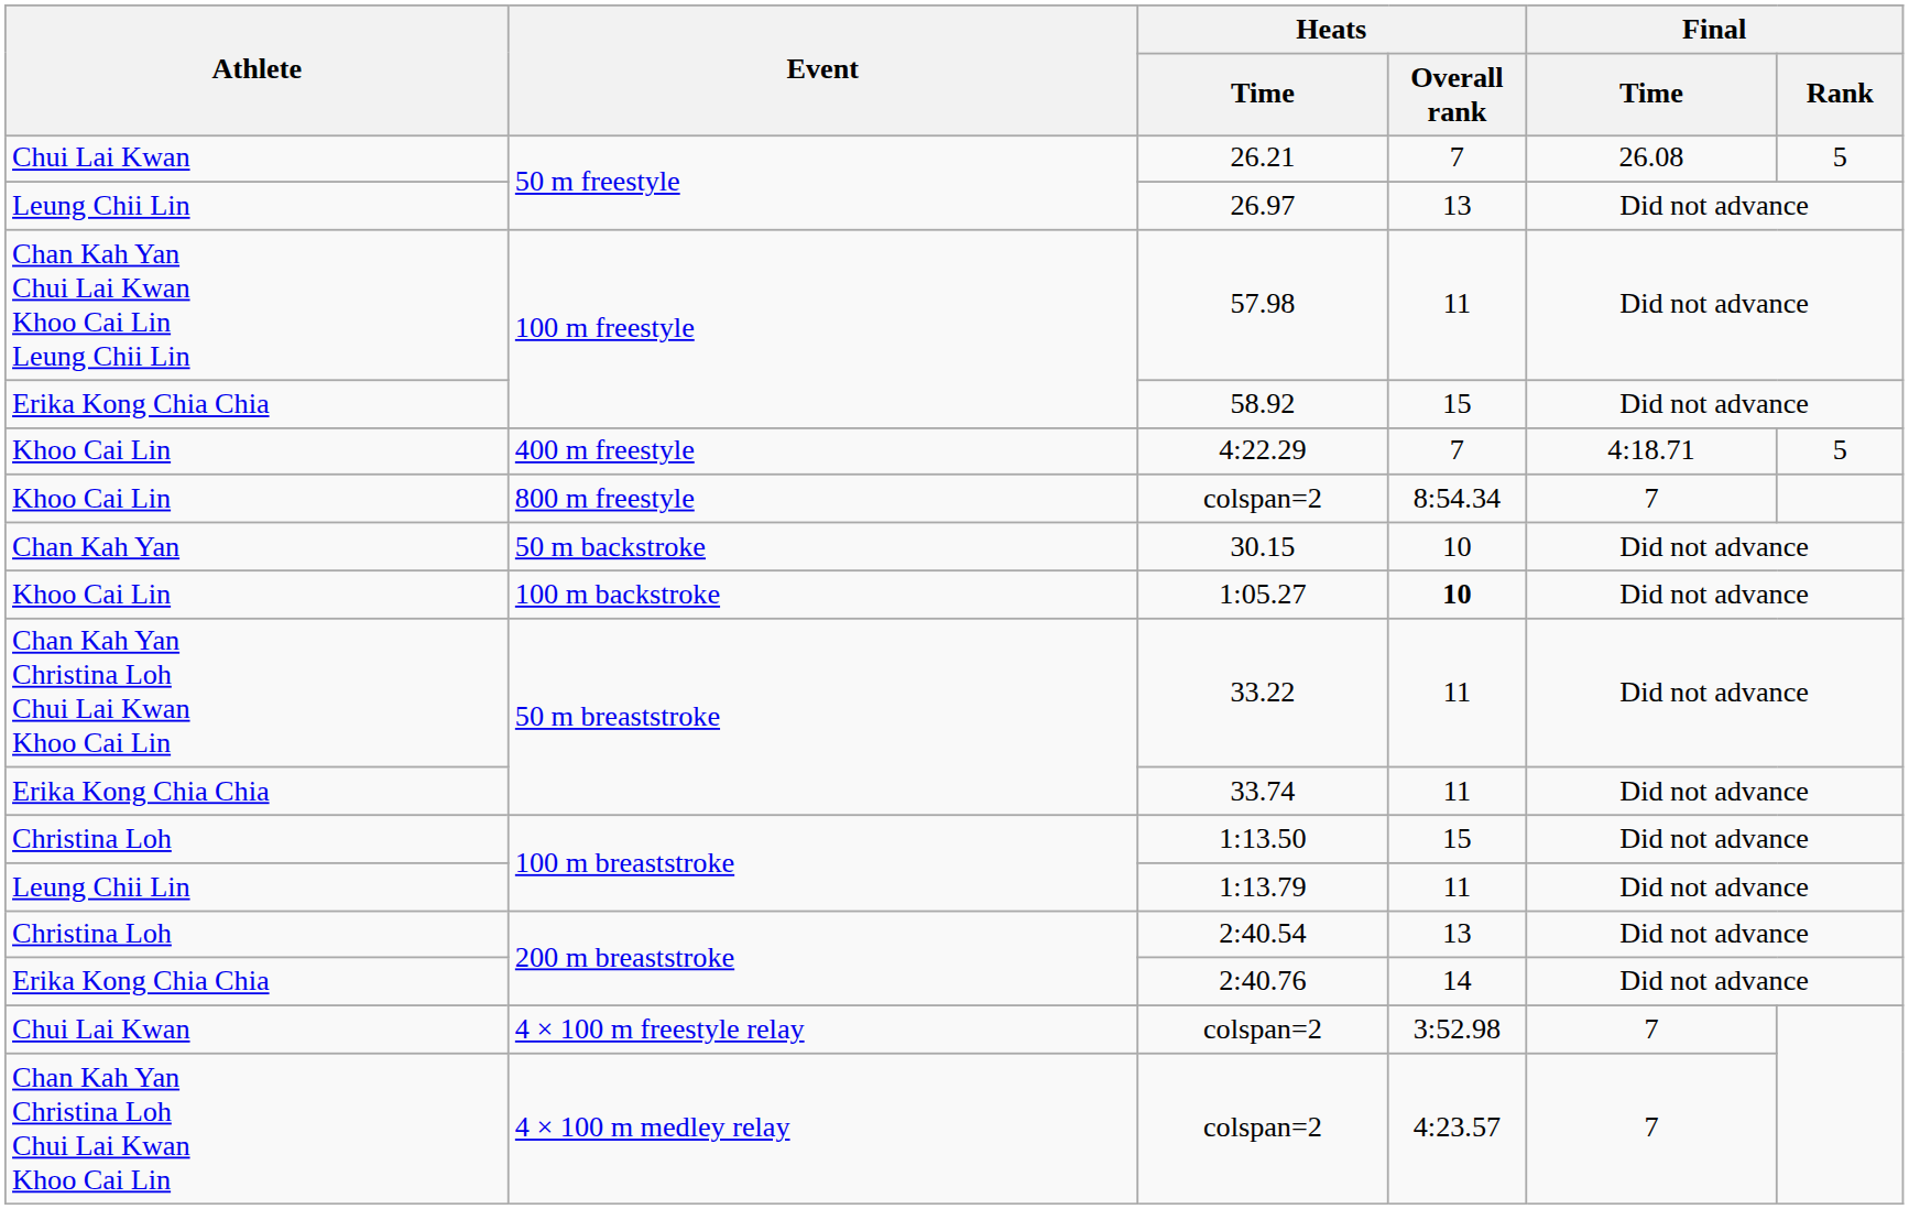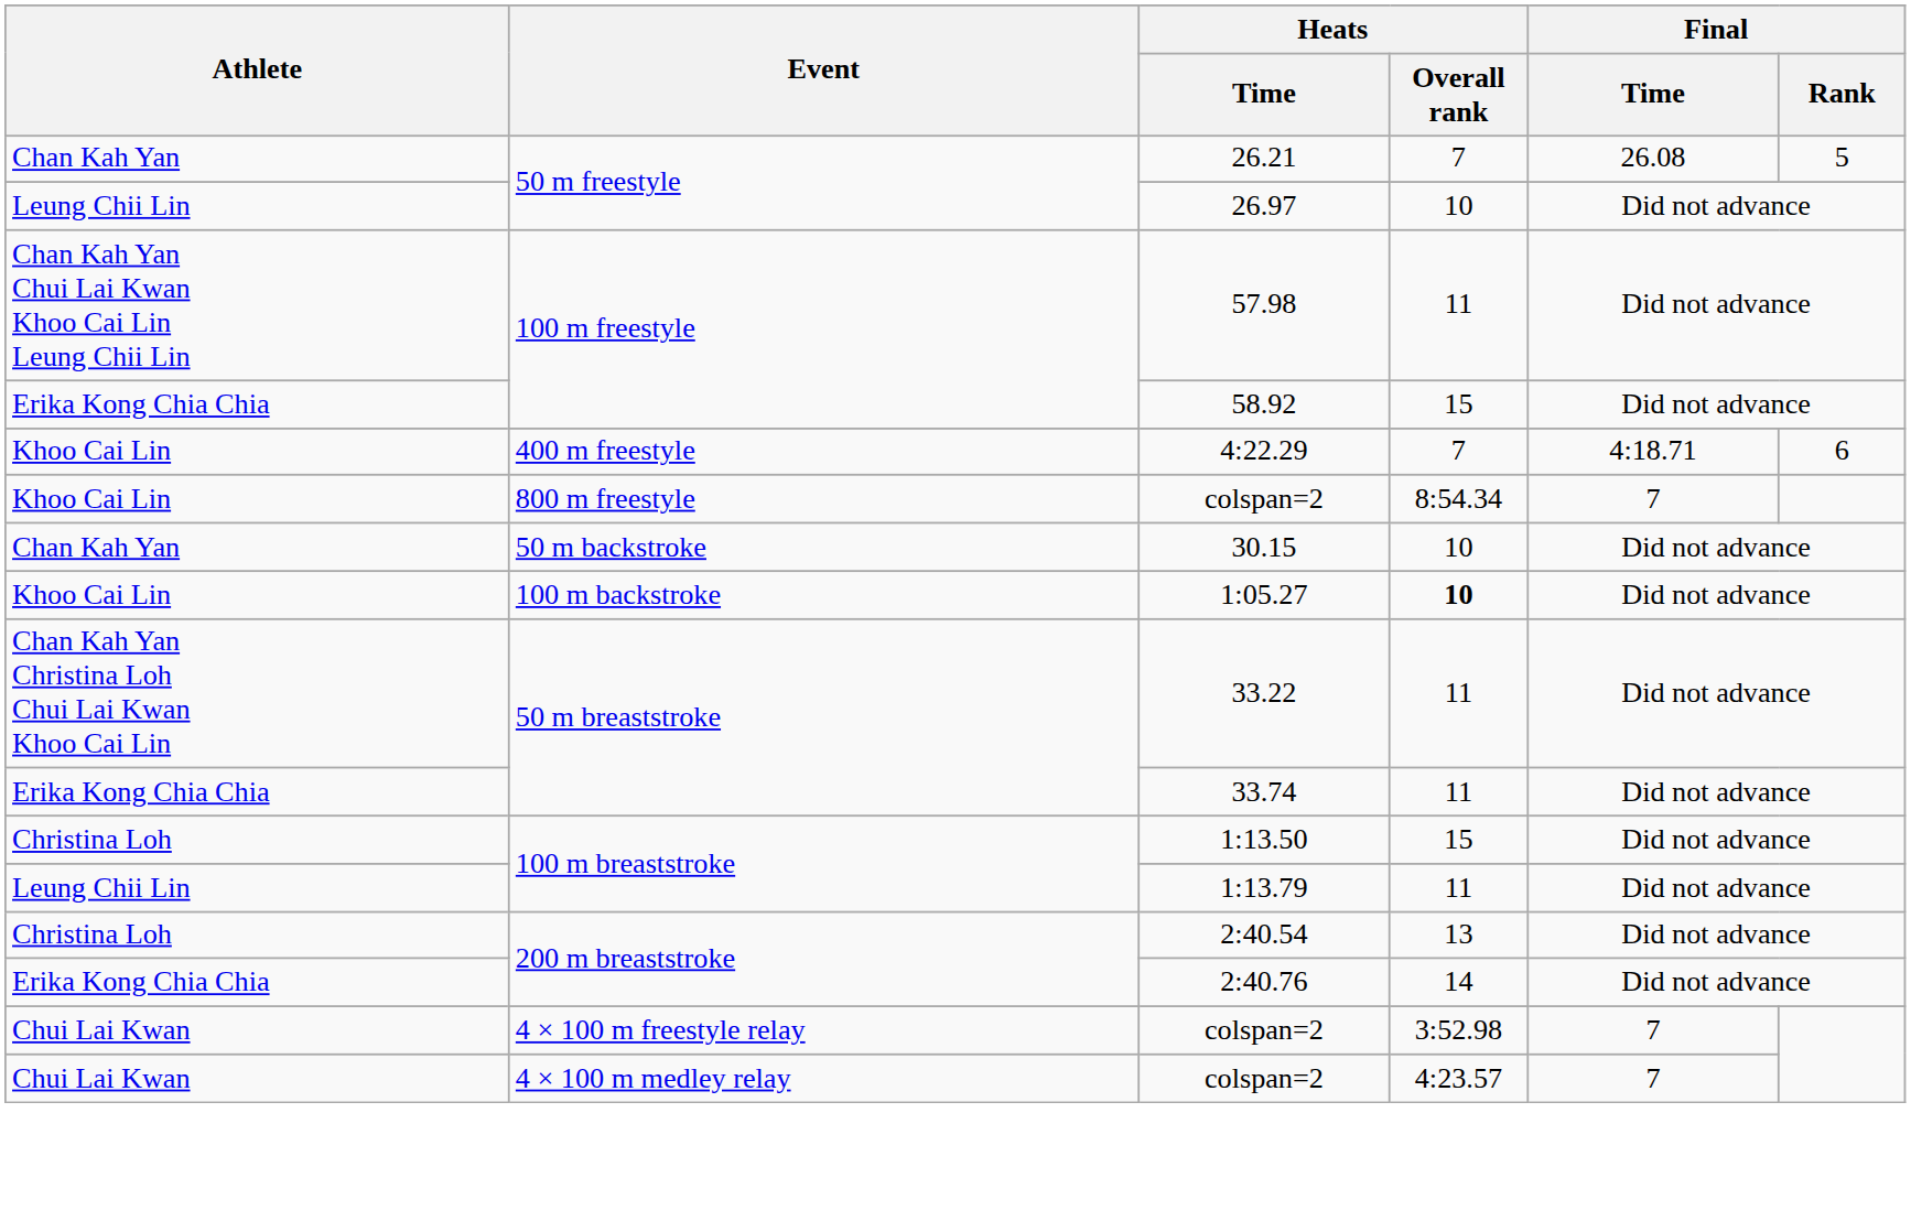 <table class="wikitable" width="75%" style="text-align:center; font-size:90%">
 <tr>
 <th rowspan="2" width="20%">Athlete</th>
 <th rowspan="2" width="25%">Event</th>
 <th colspan="2" width="15%">Heats</th>
 <th colspan="2" width="15%">Final</th>
 </tr>
 <tr>
 <th width="10%">Time</th>
 <th>Overall rank</th>
 <th width="10%">Time</th>
 <th>Rank</th>
 </tr>
 <tr>
-<td align=left><a href='#'>Chui Lai Kwan</a></td>
+<td align=left><a href='#'>Chan Kah Yan</a></td>
 <td align=left rowspan=2><a href='#'>50 m freestyle</a></td>
 <td>26.21</td>
 <td>7 <strong></strong></td>
 <td>26.08</td>
 <td>5</td>
 </tr>
 <tr>
 <td align=left><a href='#'>Leung Chii Lin</a></td>
 <td>26.97</td>
-<td>13</td>
+<td>10</td>
 <td colspan=2>Did not advance</td>
 </tr>
 <tr>
 <td align=left><a href='#'>Chan Kah Yan</a><br><a href='#'>Chui Lai Kwan</a><br><a href='#'>Khoo Cai Lin</a><br><a href='#'>Leung Chii Lin</a></td>
 <td align=left rowspan=2><a href='#'>100 m freestyle</a></td>
 <td>57.98</td>
 <td>11</td>
 <td colspan=2>Did not advance</td>
 </tr>
 <tr>
 <td align=left><a href='#'>Erika Kong Chia Chia</a></td>
 <td>58.92</td>
 <td>15</td>
 <td colspan=2>Did not advance</td>
 </tr>
 <tr>
 <td align=left><a href='#'>Khoo Cai Lin</a></td>
 <td align=left><a href='#'>400 m freestyle</a></td>
 <td>4:22.29</td>
 <td>7 <strong></strong></td>
 <td>4:18.71</td>
-<td>5</td>
+<td>6</td>
 </tr>
 <tr>
 <td align=left><a href='#'>Khoo Cai Lin</a></td>
 <td align=left><a href='#'>800 m freestyle</a></td>
 <td>colspan=2 </td>
 <td>8:54.34</td>
 <td>7</td>
 </tr>
 <tr>
 <td align=left><a href='#'>Chan Kah Yan</a></td>
 <td align=left><a href='#'>50 m backstroke</a></td>
 <td>30.15</td>
 <td>10</td>
 <td colspan=2>Did not advance</td>
 </tr>
 <tr>
 <td align=left><a href='#'>Khoo Cai Lin</a></td>
 <td align=left><a href='#'>100 m backstroke</a></td>
 <td>1:05.27</td>
 <td><strong>10</strong></td>
 <td colspan=2>Did not advance</td>
 </tr>
 <tr>
 <td align=left><a href='#'>Chan Kah Yan</a><br><a href='#'>Christina Loh</a><br><a href='#'>Chui Lai Kwan</a><br><a href='#'>Khoo Cai Lin</a></td>
 <td align=left rowspan=2><a href='#'>50 m breaststroke</a></td>
 <td>33.22</td>
 <td>11</td>
 <td colspan=2>Did not advance</td>
 </tr>
 <tr>
 <td align=left><a href='#'>Erika Kong Chia Chia</a></td>
 <td>33.74</td>
 <td>11</td>
 <td colspan=2>Did not advance</td>
 </tr>
 <tr>
 <td align=left><a href='#'>Christina Loh</a></td>
 <td align=left rowspan=2><a href='#'>100 m breaststroke</a></td>
 <td>1:13.50</td>
 <td>15</td>
 <td colspan=2>Did not advance</td>
 </tr>
 <tr>
 <td align=left><a href='#'>Leung Chii Lin</a></td>
 <td>1:13.79</td>
 <td>11</td>
 <td colspan=2>Did not advance</td>
 </tr>
 <tr>
 <td align=left><a href='#'>Christina Loh</a></td>
 <td align=left rowspan=2><a href='#'>200 m breaststroke</a></td>
 <td>2:40.54</td>
 <td>13</td>
 <td colspan=2>Did not advance</td>
 </tr>
 <tr>
 <td align=left><a href='#'>Erika Kong Chia Chia</a></td>
 <td>2:40.76</td>
 <td>14</td>
 <td colspan=2>Did not advance</td>
 </tr>
 <tr>
 <td align=left><a href='#'>Chui Lai Kwan</a></td>
 <td align=left><a href='#'>4 × 100 m freestyle relay</a></td>
 <td>colspan=2 </td>
 <td>3:52.98</td>
 <td>7</td>
 </tr>
 <tr>
-<td align=left><a href='#'>Chan Kah Yan</a><br><a href='#'>Christina Loh</a><br><a href='#'>Chui Lai Kwan</a><br><a href='#'>Khoo Cai Lin</a></td>
+<td align=left><a href='#'>Chui Lai Kwan</a></td>
 <td align=left><a href='#'>4 × 100 m medley relay</a></td>
 <td>colspan=2 </td>
 <td>4:23.57</td>
 <td>7</td>
 </tr>
 </table>
